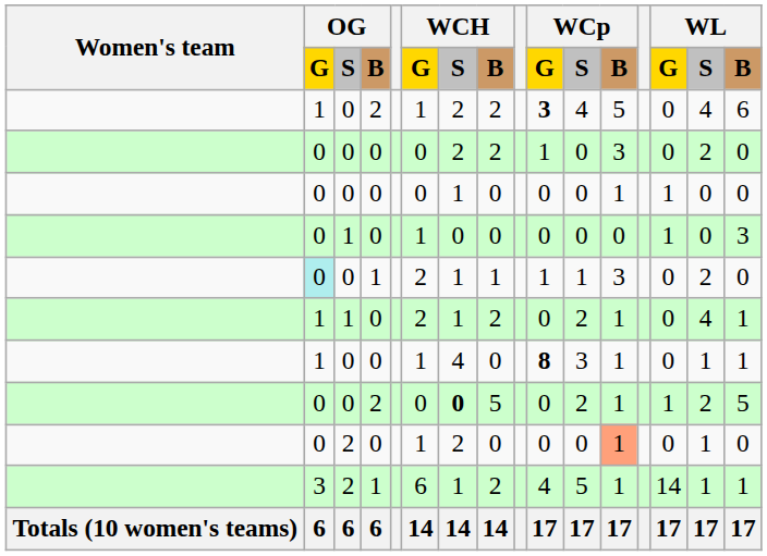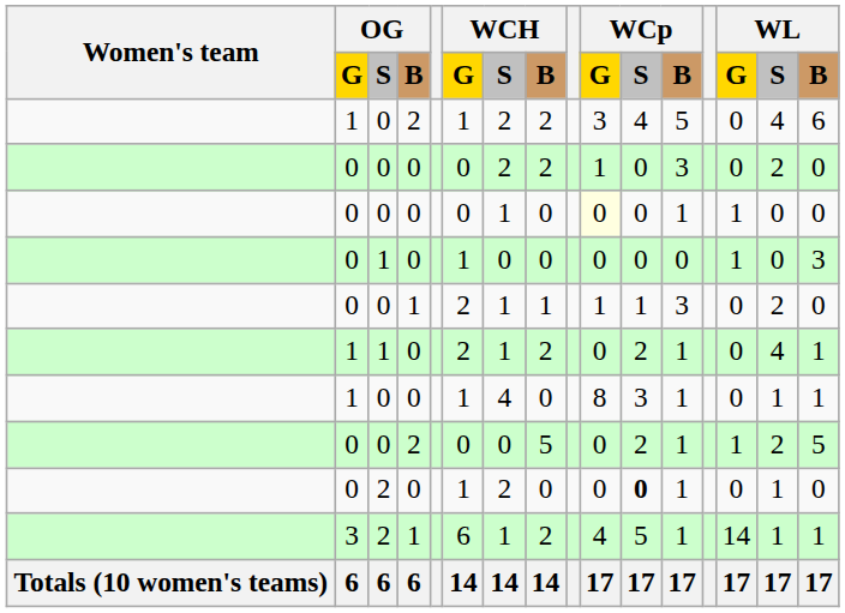 <table class="wikitable sortable" style="text-align: center; font-size: 90%; margin-left: 1em;">
 <tr>
 <th rowspan="2">Women's team</th>
 <th colspan="3">OG</th>
 <th rowspan="2" class="unsortable"></th>
 <th colspan="3">WCH</th>
 <th rowspan="2" class="unsortable"></th>
 <th colspan="3">WCp</th>
 <th rowspan="2" class="unsortable"></th>
 <th colspan="3">WL</th>
 </tr>
 <tr>
 <th style="background-color: gold;">G</th>
 <th style="background-color: silver;">S</th>
 <th style="background-color: #cc9966;">B</th>
 <th style="background-color: gold;">G</th>
 <th style="background-color: silver;">S</th>
 <th style="background-color: #cc9966;">B</th>
 <th style="background-color: gold;">G</th>
 <th style="background-color: silver;">S</th>
 <th style="background-color: #cc9966;">B</th>
 <th style="background-color: gold;">G</th>
 <th style="background-color: silver;">S</th>
 <th style="background-color: #cc9966;">B</th>
 </tr>
 <tr>
 <td style="text-align: left;"></td>
 <td>1</td>
 <td>0</td>
 <td>2</td>
 <td></td>
 <td>1</td>
 <td>2</td>
 <td>2</td>
 <td></td>
-<td><strong>3</strong></td>
+<td>3</td>
 <td>4</td>
 <td>5</td>
 <td></td>
 <td>0</td>
 <td>4</td>
 <td>6</td>
 </tr>
 <tr style="background-color: #ccffcc;">
 <td style="text-align: left;"></td>
 <td>0</td>
 <td>0</td>
 <td>0</td>
 <td></td>
 <td>0</td>
 <td>2</td>
 <td>2</td>
 <td></td>
 <td>1</td>
 <td>0</td>
 <td>3</td>
 <td></td>
 <td>0</td>
 <td>2</td>
 <td>0</td>
 </tr>
 <tr>
 <td style="text-align: left;"></td>
 <td>0</td>
 <td>0</td>
 <td>0</td>
 <td></td>
 <td>0</td>
 <td>1</td>
 <td>0</td>
 <td></td>
-<td>0</td>
+<td style="background: lightyellow;">0</td>
 <td>0</td>
 <td>1</td>
 <td></td>
 <td>1</td>
 <td>0</td>
 <td>0</td>
 </tr>
 <tr style="background-color: #ccffcc;">
 <td style="text-align: left;"></td>
 <td>0</td>
 <td>1</td>
 <td>0</td>
 <td></td>
 <td>1</td>
 <td>0</td>
 <td>0</td>
 <td></td>
 <td>0</td>
 <td>0</td>
 <td>0</td>
 <td></td>
 <td>1</td>
 <td>0</td>
 <td>3</td>
 </tr>
 <tr>
 <td style="text-align: left;"></td>
-<td style="background: paleturquoise;">0</td>
+<td>0</td>
 <td>0</td>
 <td>1</td>
 <td></td>
 <td>2</td>
 <td>1</td>
 <td>1</td>
 <td></td>
 <td>1</td>
 <td>1</td>
 <td>3</td>
 <td></td>
 <td>0</td>
 <td>2</td>
 <td>0</td>
 </tr>
 <tr style="background-color: #ccffcc;">
 <td style="text-align: left;"></td>
 <td>1</td>
 <td>1</td>
 <td>0</td>
 <td></td>
 <td>2</td>
 <td>1</td>
 <td>2</td>
 <td></td>
 <td>0</td>
 <td>2</td>
 <td>1</td>
 <td></td>
 <td>0</td>
 <td>4</td>
 <td>1</td>
 </tr>
 <tr>
 <td style="text-align: left;"></td>
 <td>1</td>
 <td>0</td>
 <td>0</td>
 <td></td>
 <td>1</td>
 <td>4</td>
 <td>0</td>
 <td></td>
-<td><strong>8</strong></td>
+<td>8</td>
 <td>3</td>
 <td>1</td>
 <td></td>
 <td>0</td>
 <td>1</td>
 <td>1</td>
 </tr>
 <tr style="background-color: #ccffcc;">
 <td style="text-align: left;"></td>
 <td>0</td>
 <td>0</td>
 <td>2</td>
 <td></td>
 <td>0</td>
-<td><strong>0</strong></td>
+<td>0</td>
 <td>5</td>
 <td></td>
 <td>0</td>
 <td>2</td>
 <td>1</td>
 <td></td>
 <td>1</td>
 <td>2</td>
 <td>5</td>
 </tr>
 <tr>
 <td style="text-align: left;"></td>
 <td>0</td>
 <td>2</td>
 <td>0</td>
 <td></td>
 <td>1</td>
 <td>2</td>
 <td>0</td>
 <td></td>
 <td>0</td>
-<td>0</td>
-<td style="background: lightsalmon;">1</td>
+<td><strong>0</strong></td>
+<td>1</td>
 <td></td>
 <td>0</td>
 <td>1</td>
 <td>0</td>
 </tr>
 <tr style="background-color: #ccffcc;">
 <td style="text-align: left;"></td>
 <td>3</td>
 <td>2</td>
 <td>1</td>
 <td></td>
 <td>6</td>
 <td>1</td>
 <td>2</td>
 <td></td>
 <td>4</td>
 <td>5</td>
 <td>1</td>
 <td></td>
 <td>14</td>
 <td>1</td>
 <td>1</td>
 </tr>
 <tr>
 <th>Totals (10 women's teams)</th>
 <th>6</th>
 <th>6</th>
 <th>6</th>
 <th></th>
 <th>14</th>
 <th>14</th>
 <th>14</th>
 <th></th>
 <th>17</th>
 <th>17</th>
 <th>17</th>
 <th></th>
 <th>17</th>
 <th>17</th>
 <th>17</th>
 </tr>
 </table>
